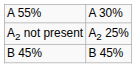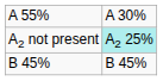 <table class="wikitable" border="1">
 <tr>
 <td>A 55%</td>
 <td>A 30%</td>
 </tr>
 <tr>
 <td>A<sub>2</sub> not present</td>
-<td>A<sub>2</sub> 25%</td>
+<td style="background: paleturquoise;">A<sub>2</sub> 25%</td>
 </tr>
 <tr>
 <td>B 45%</td>
 <td>B 45%</td>
 </tr>
 </table>
